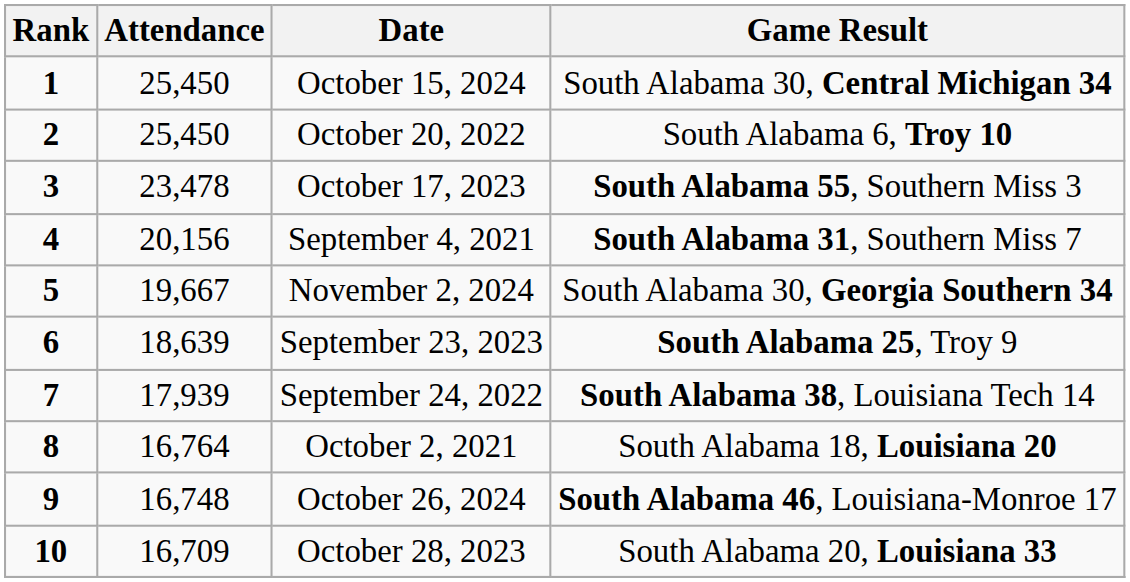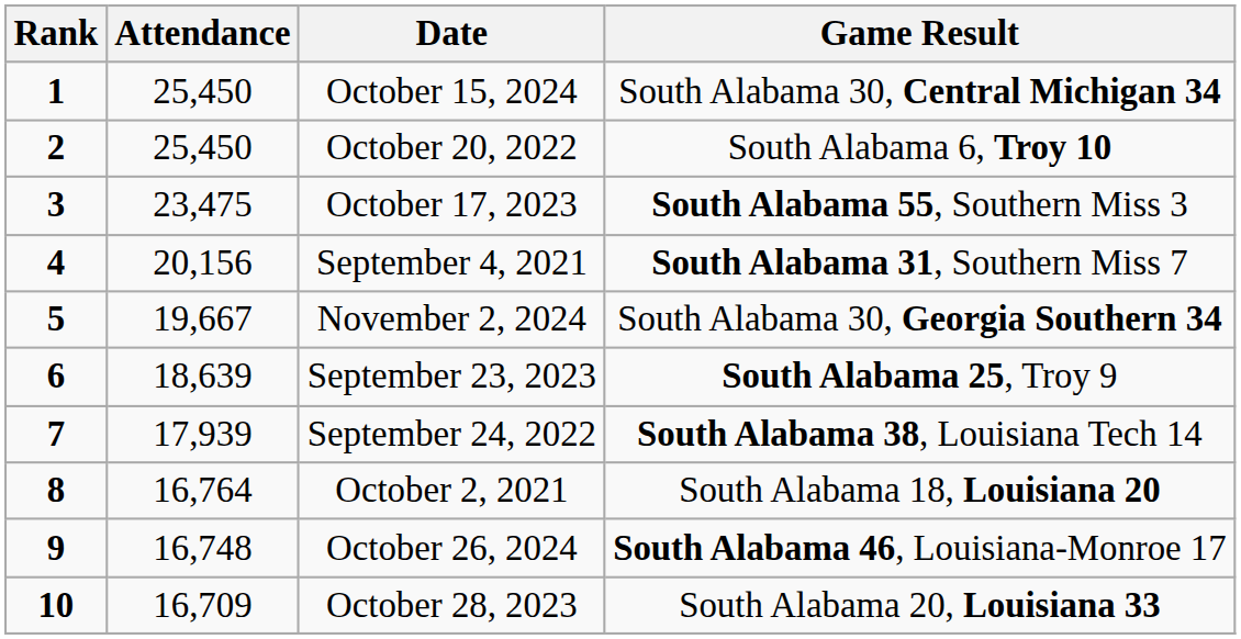 <table class="wikitable">
 <tr>
 <th>Rank</th>
 <th>Attendance</th>
 <th>Date</th>
 <th>Game Result</th>
 </tr>
 <tr align="center">
 <td><strong>1</strong></td>
 <td>25,450</td>
 <td>October 15, 2024</td>
 <td>South Alabama 30, <strong>Central Michigan 34</strong></td>
 </tr>
 <tr align="center">
 <td><strong>2</strong></td>
 <td>25,450</td>
 <td>October 20, 2022</td>
 <td>South Alabama 6, <strong>Troy 10</strong></td>
 </tr>
 <tr align="center">
 <td><strong>3</strong></td>
-<td>23,478</td>
+<td>23,475</td>
 <td>October 17, 2023</td>
 <td><strong>South Alabama 55</strong>, Southern Miss 3</td>
 </tr>
 <tr align="center">
 <td><strong>4</strong></td>
 <td>20,156</td>
 <td>September 4, 2021</td>
 <td><strong>South Alabama 31</strong>, Southern Miss 7</td>
 </tr>
 <tr align="center">
 <td><strong>5</strong></td>
 <td>19,667</td>
 <td>November 2, 2024</td>
 <td>South Alabama 30, <strong>Georgia Southern 34</strong></td>
 </tr>
 <tr align="center">
 <td><strong>6</strong></td>
 <td>18,639</td>
 <td>September 23, 2023</td>
 <td><strong>South Alabama 25</strong>, Troy 9</td>
 </tr>
 <tr align="center">
 <td><strong>7</strong></td>
 <td>17,939</td>
 <td>September 24, 2022</td>
 <td><strong>South Alabama 38</strong>, Louisiana Tech 14</td>
 </tr>
 <tr align="center">
 <td><strong>8</strong></td>
 <td>16,764</td>
 <td>October 2, 2021</td>
 <td>South Alabama 18, <strong>Louisiana 20</strong></td>
 </tr>
 <tr align="center">
 <td><strong>9</strong></td>
 <td>16,748</td>
 <td>October 26, 2024</td>
 <td><strong>South Alabama 46</strong>, Louisiana-Monroe 17</td>
 </tr>
 <tr align="center">
 <td><strong>10</strong></td>
 <td>16,709</td>
 <td>October 28, 2023</td>
 <td>South Alabama 20, <strong>Louisiana 33</strong></td>
 </tr>
 <tr>
 </tr>
 </table>
